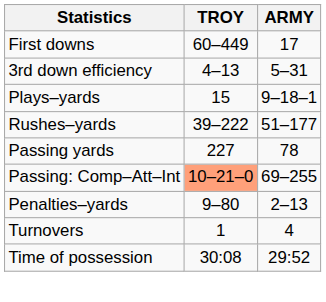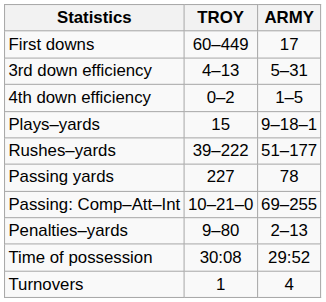 <table class="wikitable">
 <tr>
 <th>Statistics</th>
 <th>TROY</th>
 <th>ARMY</th>
 </tr>
 <tr>
 <td>First downs</td>
 <td align=center>60–449</td>
 <td align=center>17</td>
 </tr>
 <tr>
 <td>3rd down efficiency</td>
 <td align=center>4–13</td>
 <td align=center>5–31</td>
+</tr>
+<tr>
+<td>4th down efficiency</td>
+<td align=center>0–2</td>
+<td align=center>1–5</td>
 </tr>
 <tr>
 <td>Plays–yards</td>
 <td align=center>15</td>
 <td align=center>9–18–1</td>
 </tr>
 <tr>
 <td>Rushes–yards</td>
 <td align=center>39–222</td>
 <td align=center>51–177</td>
 </tr>
 <tr>
 <td>Passing yards</td>
 <td align=center>227</td>
 <td align=center>78</td>
 </tr>
 <tr>
 <td>Passing: Comp–Att–Int</td>
-<td align=center style="background: lightsalmon;">10–21–0</td>
+<td align=center>10–21–0</td>
 <td align=center>69–255</td>
 </tr>
 <tr>
 <td>Penalties–yards</td>
 <td align=center>9–80</td>
 <td align=center>2–13</td>
 </tr>
 <tr>
+<td>Time of possession</td>
+<td align=center>30:08</td>
+<td align=center>29:52</td>
+</tr>
+<tr>
 <td>Turnovers</td>
 <td align=center>1</td>
 <td align=center>4</td>
 </tr>
-<tr>
-<td>Time of possession</td>
-<td align=center>30:08</td>
-<td align=center>29:52</td>
-</tr>
 </table>
